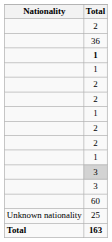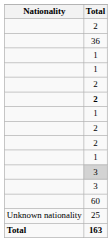 <table class="sortable wikitable" style="margin:0 0 0.5em 1em; float:right; font-size:85%;">
 <tr>
 </tr>
 <tr>
 <th>Nationality</th>
 <th data-sort-type="number">Total</th>
 </tr>
 <tr>
 <td></td>
 <td style="text-align:center;">2</td>
 </tr>
 <tr>
 <td></td>
 <td style="text-align:center;">36</td>
 </tr>
 <tr>
 <td></td>
-<td style="text-align:center;"><strong>1</strong></td>
+<td style="text-align:center;">1</td>
 </tr>
 <tr>
 <td></td>
 <td style="text-align:center;">1</td>
 </tr>
 <tr>
 <td></td>
 <td style="text-align:center;">2</td>
 </tr>
 <tr>
 <td></td>
-<td style="text-align:center;">2</td>
+<td style="text-align:center;"><strong>2</strong></td>
 </tr>
 <tr>
 <td></td>
 <td style="text-align:center;">1</td>
 </tr>
 <tr>
 <td></td>
 <td style="text-align:center;">2</td>
 </tr>
 <tr>
 <td></td>
 <td style="text-align:center;">2</td>
 </tr>
 <tr>
 <td></td>
 <td style="text-align:center;">1</td>
 </tr>
 <tr>
 <td></td>
 <td style="background: lightgrey; text-align:center;">3</td>
 </tr>
 <tr>
 <td></td>
 <td style="text-align:center;">3</td>
 </tr>
 <tr>
 <td></td>
 <td style="text-align:center;">60</td>
 </tr>
 <tr>
 <td>Unknown nationality</td>
 <td style="text-align:center;">25</td>
 </tr>
 <tr class="sortbottom">
 <td><strong>Total</strong></td>
 <td style="text-align:center;"><strong>163</strong></td>
 </tr>
 </table>
